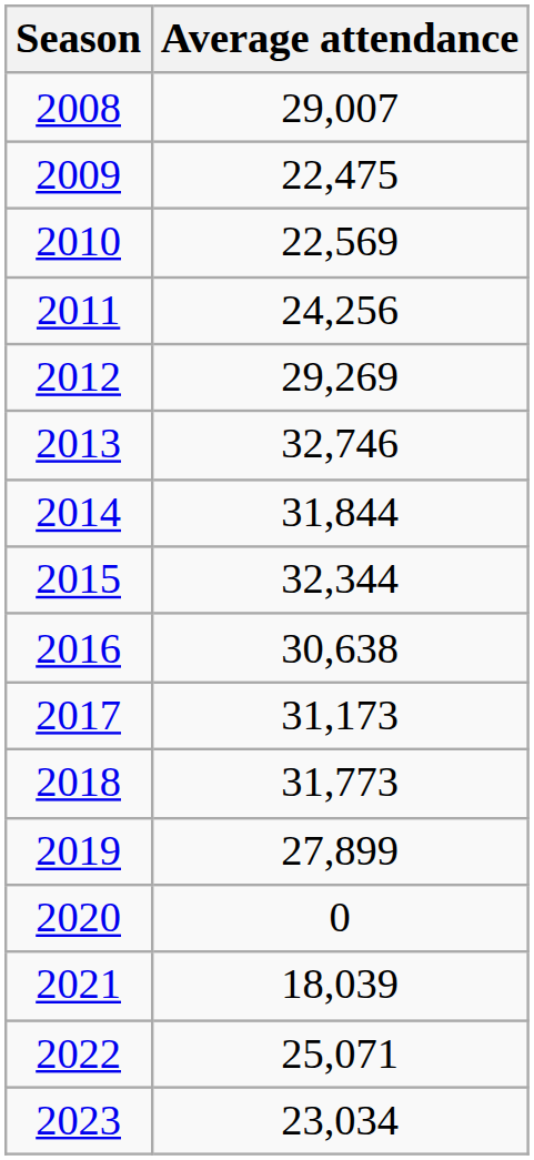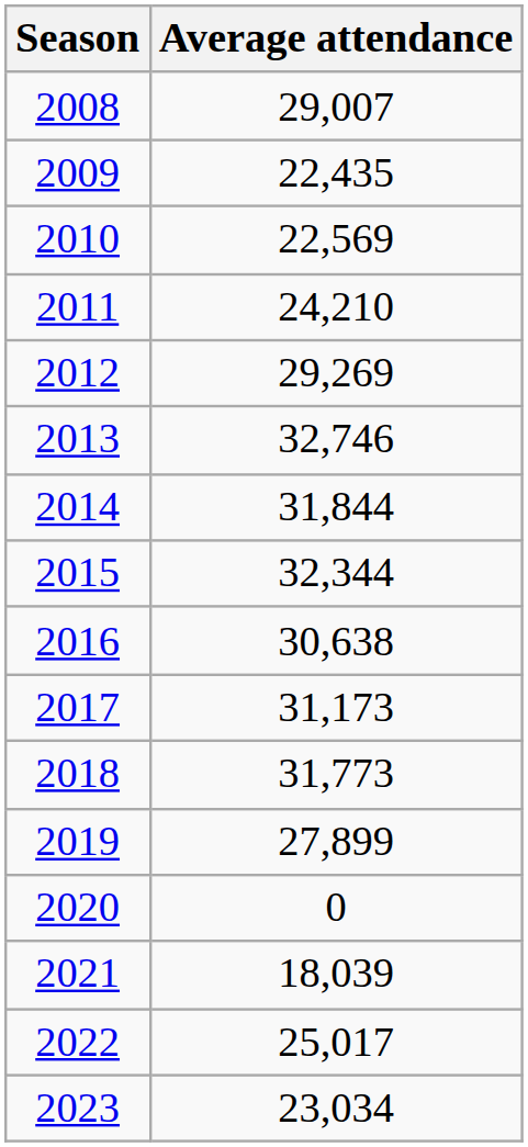 <table class="wikitable" style="text-align:center">
 <tr>
 <th>Season</th>
 <th>Average attendance</th>
 </tr>
 <tr>
 <td><a href='#'>2008</a></td>
 <td>29,007</td>
 </tr>
 <tr>
 <td><a href='#'>2009</a></td>
-<td>22,475</td>
+<td>22,435</td>
 </tr>
 <tr>
 <td><a href='#'>2010</a></td>
 <td>22,569</td>
 </tr>
 <tr>
 <td><a href='#'>2011</a></td>
-<td>24,256</td>
+<td>24,210</td>
 </tr>
 <tr>
 <td><a href='#'>2012</a></td>
 <td>29,269</td>
 </tr>
 <tr>
 <td><a href='#'>2013</a></td>
 <td>32,746</td>
 </tr>
 <tr>
 <td><a href='#'>2014</a></td>
 <td>31,844</td>
 </tr>
 <tr>
 <td><a href='#'>2015</a></td>
 <td>32,344</td>
 </tr>
 <tr>
 <td><a href='#'>2016</a></td>
 <td>30,638</td>
 </tr>
 <tr>
 <td><a href='#'>2017</a></td>
 <td>31,173</td>
 </tr>
 <tr>
 <td><a href='#'>2018</a></td>
 <td>31,773</td>
 </tr>
 <tr>
 <td><a href='#'>2019</a></td>
 <td>27,899</td>
 </tr>
 <tr>
 <td><a href='#'>2020</a></td>
 <td>0</td>
 </tr>
 <tr>
 <td><a href='#'>2021</a></td>
 <td>18,039</td>
 </tr>
 <tr>
 <td><a href='#'>2022</a></td>
-<td>25,071</td>
+<td>25,017</td>
 </tr>
 <tr>
 <td><a href='#'>2023</a></td>
 <td>23,034</td>
 </tr>
 </table>
